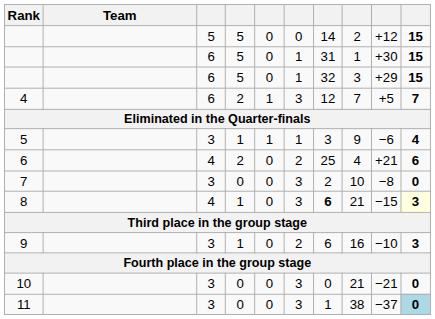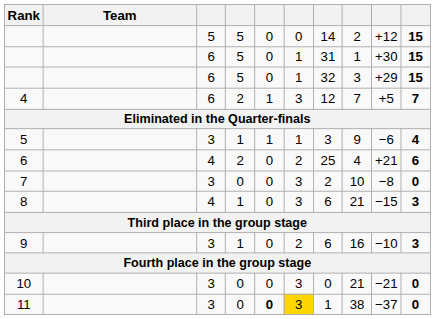 <table class="wikitable" style="text-align: center; font-size:90% ">
 <tr>
 <th width=35>Rank</th>
 <th width=160>Team</th>
 <th width=25></th>
 <th width=25></th>
 <th width=25></th>
 <th width=25></th>
 <th width=25></th>
 <th width=25></th>
 <th width=25></th>
 <th width=25></th>
 </tr>
 <tr>
 <td></td>
 <td align=left></td>
 <td>5</td>
 <td>5</td>
 <td>0</td>
 <td>0</td>
 <td>14</td>
 <td>2</td>
 <td>+12</td>
 <td><strong>15</strong></td>
 </tr>
 <tr>
 <td></td>
 <td align=left></td>
 <td>6</td>
 <td>5</td>
 <td>0</td>
 <td>1</td>
 <td>31</td>
 <td>1</td>
 <td>+30</td>
 <td><strong>15</strong></td>
 </tr>
 <tr>
 <td></td>
 <td align=left></td>
 <td>6</td>
 <td>5</td>
 <td>0</td>
 <td>1</td>
 <td>32</td>
 <td>3</td>
 <td>+29</td>
 <td><strong>15</strong></td>
 </tr>
 <tr>
 <td>4</td>
 <td align=left></td>
 <td>6</td>
 <td>2</td>
 <td>1</td>
 <td>3</td>
 <td>12</td>
 <td>7</td>
 <td>+5</td>
 <td><strong>7</strong></td>
 </tr>
 <tr style="font-size:95%;">
 <th colspan="11">Eliminated in the Quarter-finals</th>
 </tr>
 <tr>
 <td>5</td>
 <td align=left></td>
 <td>3</td>
 <td>1</td>
 <td>1</td>
 <td>1</td>
 <td>3</td>
 <td>9</td>
 <td>−6</td>
 <td><strong>4</strong></td>
 </tr>
 <tr>
 <td>6</td>
 <td align=left></td>
 <td>4</td>
 <td>2</td>
 <td>0</td>
 <td>2</td>
 <td>25</td>
 <td>4</td>
 <td>+21</td>
 <td><strong>6</strong></td>
 </tr>
 <tr>
 <td>7</td>
 <td align=left></td>
 <td>3</td>
 <td>0</td>
 <td>0</td>
 <td>3</td>
 <td>2</td>
 <td>10</td>
 <td>−8</td>
 <td><strong>0</strong></td>
 </tr>
 <tr>
 <td>8</td>
 <td align=left></td>
 <td>4</td>
 <td>1</td>
 <td>0</td>
 <td>3</td>
-<td><strong>6</strong></td>
+<td>6</td>
 <td>21</td>
 <td>−15</td>
-<td style="background: lightyellow;"><strong>3</strong></td>
+<td><strong>3</strong></td>
 </tr>
 <tr style="font-size:95%;">
 <th colspan="11">Third place in the group stage</th>
 </tr>
 <tr>
 <td>9</td>
 <td align=left></td>
 <td>3</td>
 <td>1</td>
 <td>0</td>
 <td>2</td>
 <td>6</td>
 <td>16</td>
 <td>−10</td>
 <td><strong>3</strong></td>
 </tr>
 <tr style="font-size:95%;">
 <th colspan="11">Fourth place in the group stage</th>
 </tr>
 <tr>
 <td>10</td>
 <td align=left></td>
 <td>3</td>
 <td>0</td>
 <td>0</td>
 <td>3</td>
 <td>0</td>
 <td>21</td>
 <td>−21</td>
 <td><strong>0</strong></td>
 </tr>
 <tr>
 <td>11</td>
 <td align=left></td>
 <td>3</td>
 <td>0</td>
-<td>0</td>
-<td>3</td>
+<td><strong>0</strong></td>
+<td style="background: gold;">3</td>
 <td>1</td>
 <td>38</td>
 <td>−37</td>
-<td style="background: lightblue;"><strong>0</strong></td>
+<td><strong>0</strong></td>
 </tr>
 </table>
